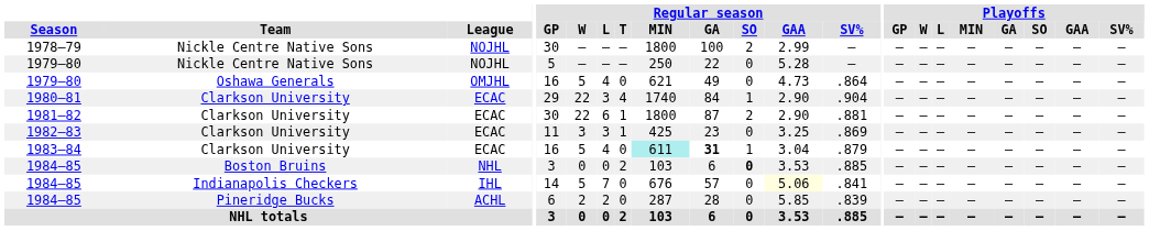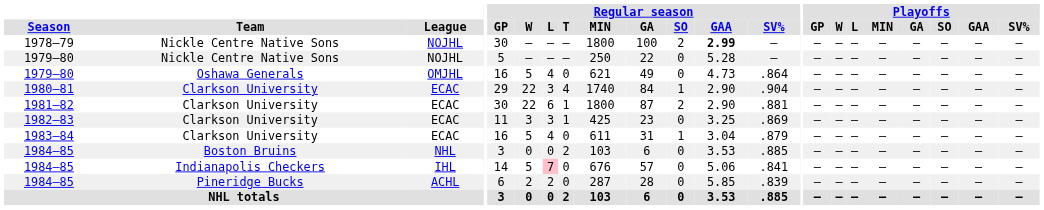 <table border="0" cellpadding="1" cellspacing="0" style="width:90%; text-align:center;">
 <tr bgcolor="#e0e0e0">
 <th colspan="3" bgcolor="#ffffff"></th>
 <th rowspan="99" bgcolor="#ffffff"></th>
 <th colspan="9" bgcolor="#e0e0e0"><a href='#'>Regular season</a></th>
 <th rowspan="99" bgcolor="#ffffff"></th>
 <th colspan="8" bgcolor="#e0e0e0"><a href='#'>Playoffs</a></th>
 </tr>
 <tr bgcolor="#e0e0e0">
 <th><a href='#'>Season</a></th>
 <th>Team</th>
 <th>League</th>
 <th>GP</th>
 <th>W</th>
 <th>L</th>
 <th>T</th>
 <th>MIN</th>
 <th>GA</th>
 <th><a href='#'>SO</a></th>
 <th><a href='#'>GAA</a></th>
 <th><a href='#'>SV%</a></th>
 <th>GP</th>
 <th>W</th>
 <th>L</th>
 <th>MIN</th>
 <th>GA</th>
 <th>SO</th>
 <th>GAA</th>
 <th>SV%</th>
 </tr>
 <tr>
 <td>1978–79</td>
 <td>Nickle Centre Native Sons</td>
 <td><a href='#'>NOJHL</a></td>
 <td>30</td>
 <td>—</td>
 <td>—</td>
 <td>—</td>
 <td>1800</td>
 <td>100</td>
 <td>2</td>
-<td>2.99</td>
+<td><strong>2.99</strong></td>
 <td>—</td>
 <td>—</td>
 <td>—</td>
 <td>—</td>
 <td>—</td>
 <td>—</td>
 <td>—</td>
 <td>—</td>
 <td>—</td>
 </tr>
 <tr bgcolor="#f0f0f0">
 <td>1979–80</td>
 <td>Nickle Centre Native Sons</td>
 <td>NOJHL</td>
 <td>5</td>
 <td>—</td>
 <td>—</td>
 <td>—</td>
 <td>250</td>
 <td>22</td>
 <td>0</td>
 <td>5.28</td>
 <td>—</td>
 <td>—</td>
 <td>—</td>
 <td>—</td>
 <td>—</td>
 <td>—</td>
 <td>—</td>
 <td>—</td>
 <td>—</td>
 </tr>
 <tr>
 <td><a href='#'>1979–80</a></td>
 <td><a href='#'>Oshawa Generals</a></td>
 <td><a href='#'>OMJHL</a></td>
 <td>16</td>
 <td>5</td>
 <td>4</td>
 <td>0</td>
 <td>621</td>
 <td>49</td>
 <td>0</td>
 <td>4.73</td>
 <td>.864</td>
 <td>—</td>
 <td>—</td>
 <td>—</td>
 <td>—</td>
 <td>—</td>
 <td>—</td>
 <td>—</td>
 <td>—</td>
 </tr>
 <tr bgcolor="#f0f0f0">
 <td><a href='#'>1980–81</a></td>
 <td><a href='#'>Clarkson University</a></td>
 <td><a href='#'>ECAC</a></td>
 <td>29</td>
 <td>22</td>
 <td>3</td>
 <td>4</td>
 <td>1740</td>
 <td>84</td>
 <td>1</td>
 <td>2.90</td>
 <td>.904</td>
 <td>—</td>
 <td>—</td>
 <td>—</td>
 <td>—</td>
 <td>—</td>
 <td>—</td>
 <td>—</td>
 <td>—</td>
 </tr>
 <tr>
 <td><a href='#'>1981–82</a></td>
 <td>Clarkson University</td>
 <td>ECAC</td>
 <td>30</td>
 <td>22</td>
 <td>6</td>
 <td>1</td>
 <td>1800</td>
 <td>87</td>
 <td>2</td>
 <td>2.90</td>
 <td>.881</td>
 <td>—</td>
 <td>—</td>
 <td>—</td>
 <td>—</td>
 <td>—</td>
 <td>—</td>
 <td>—</td>
 <td>—</td>
 </tr>
 <tr bgcolor="#f0f0f0">
 <td><a href='#'>1982–83</a></td>
 <td>Clarkson University</td>
 <td>ECAC</td>
 <td>11</td>
 <td>3</td>
 <td>3</td>
 <td>1</td>
 <td>425</td>
 <td>23</td>
 <td>0</td>
 <td>3.25</td>
 <td>.869</td>
 <td>—</td>
 <td>—</td>
 <td>—</td>
 <td>—</td>
 <td>—</td>
 <td>—</td>
 <td>—</td>
 <td>—</td>
 </tr>
 <tr>
 <td><a href='#'>1983–84</a></td>
 <td>Clarkson University</td>
 <td>ECAC</td>
 <td>16</td>
 <td>5</td>
 <td>4</td>
 <td>0</td>
-<td style="background: paleturquoise;">611</td>
-<td><strong>31</strong></td>
+<td>611</td>
+<td>31</td>
 <td>1</td>
 <td>3.04</td>
 <td>.879</td>
 <td>—</td>
 <td>—</td>
 <td>—</td>
 <td>—</td>
 <td>—</td>
 <td>—</td>
 <td>—</td>
 <td>—</td>
 </tr>
 <tr bgcolor="#f0f0f0">
 <td><a href='#'>1984–85</a></td>
 <td><a href='#'>Boston Bruins</a></td>
 <td><a href='#'>NHL</a></td>
 <td>3</td>
 <td>0</td>
 <td>0</td>
 <td>2</td>
 <td>103</td>
 <td>6</td>
-<td><strong>0</strong></td>
+<td>0</td>
 <td>3.53</td>
 <td>.885</td>
 <td>—</td>
 <td>—</td>
 <td>—</td>
 <td>—</td>
 <td>—</td>
 <td>—</td>
 <td>—</td>
 <td>—</td>
 </tr>
 <tr>
 <td><a href='#'>1984–85</a></td>
 <td><a href='#'>Indianapolis Checkers</a></td>
 <td><a href='#'>IHL</a></td>
 <td>14</td>
 <td>5</td>
-<td>7</td>
+<td style="background: pink;">7</td>
 <td>0</td>
 <td>676</td>
 <td>57</td>
 <td>0</td>
-<td style="background: lightyellow;">5.06</td>
+<td>5.06</td>
 <td>.841</td>
 <td>—</td>
 <td>—</td>
 <td>—</td>
 <td>—</td>
 <td>—</td>
 <td>—</td>
 <td>—</td>
 <td>—</td>
 </tr>
 <tr bgcolor="#f0f0f0">
 <td><a href='#'>1984–85</a></td>
 <td><a href='#'>Pineridge Bucks</a></td>
 <td><a href='#'>ACHL</a></td>
 <td>6</td>
 <td>2</td>
 <td>2</td>
 <td>0</td>
 <td>287</td>
 <td>28</td>
 <td>0</td>
 <td>5.85</td>
 <td>.839</td>
 <td>—</td>
 <td>—</td>
 <td>—</td>
 <td>—</td>
 <td>—</td>
 <td>—</td>
 <td>—</td>
 <td>—</td>
 </tr>
 <tr bgcolor="#e0e0e0">
 <th colspan=3>NHL totals</th>
 <th>3</th>
 <th>0</th>
 <th>0</th>
 <th>2</th>
 <th>103</th>
 <th>6</th>
 <th>0</th>
 <th>3.53</th>
 <th>.885</th>
 <th>—</th>
 <th>—</th>
 <th>—</th>
 <th>—</th>
 <th>—</th>
 <th>—</th>
 <th>—</th>
 <th>—</th>
 </tr>
 </table>
